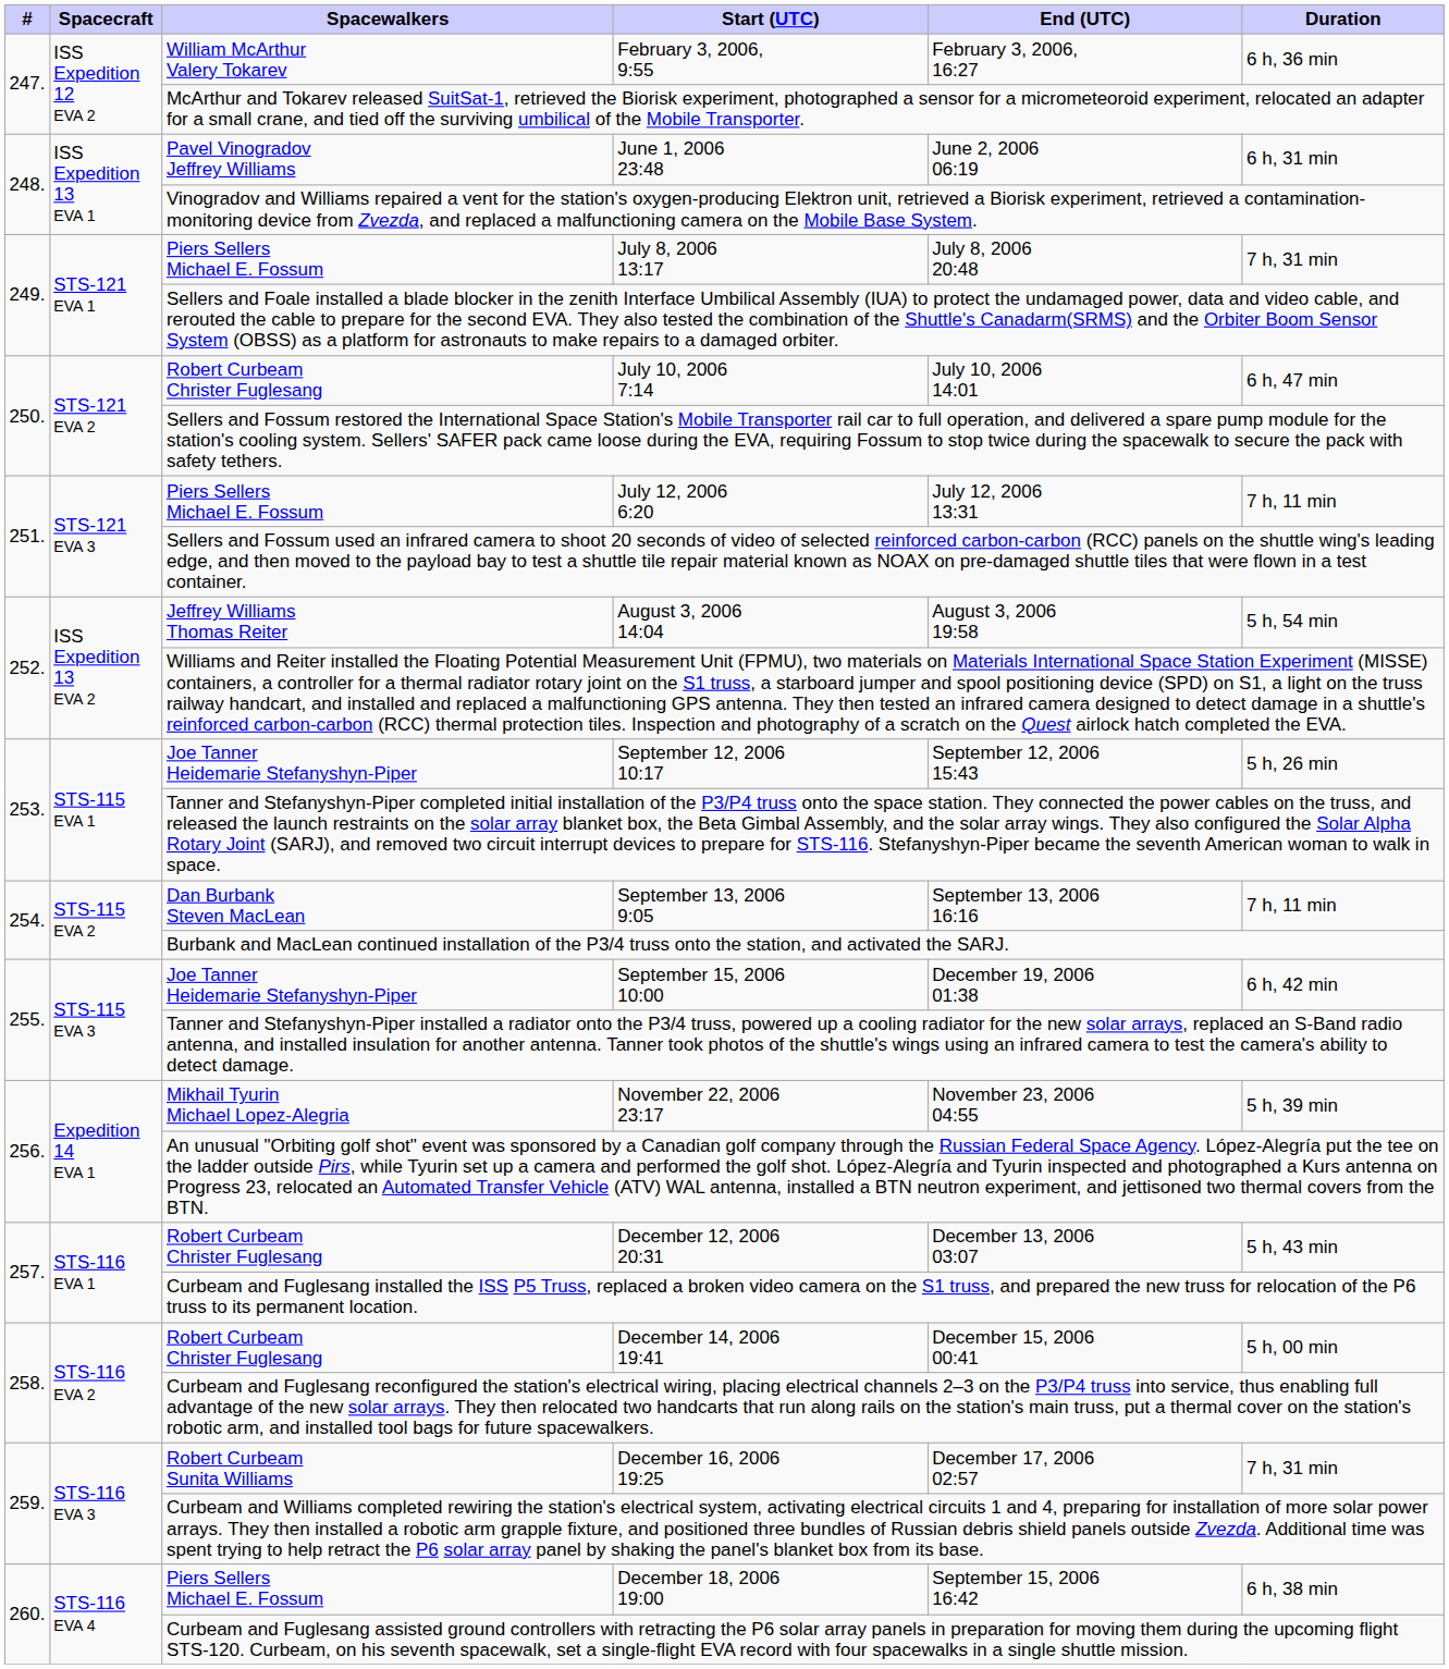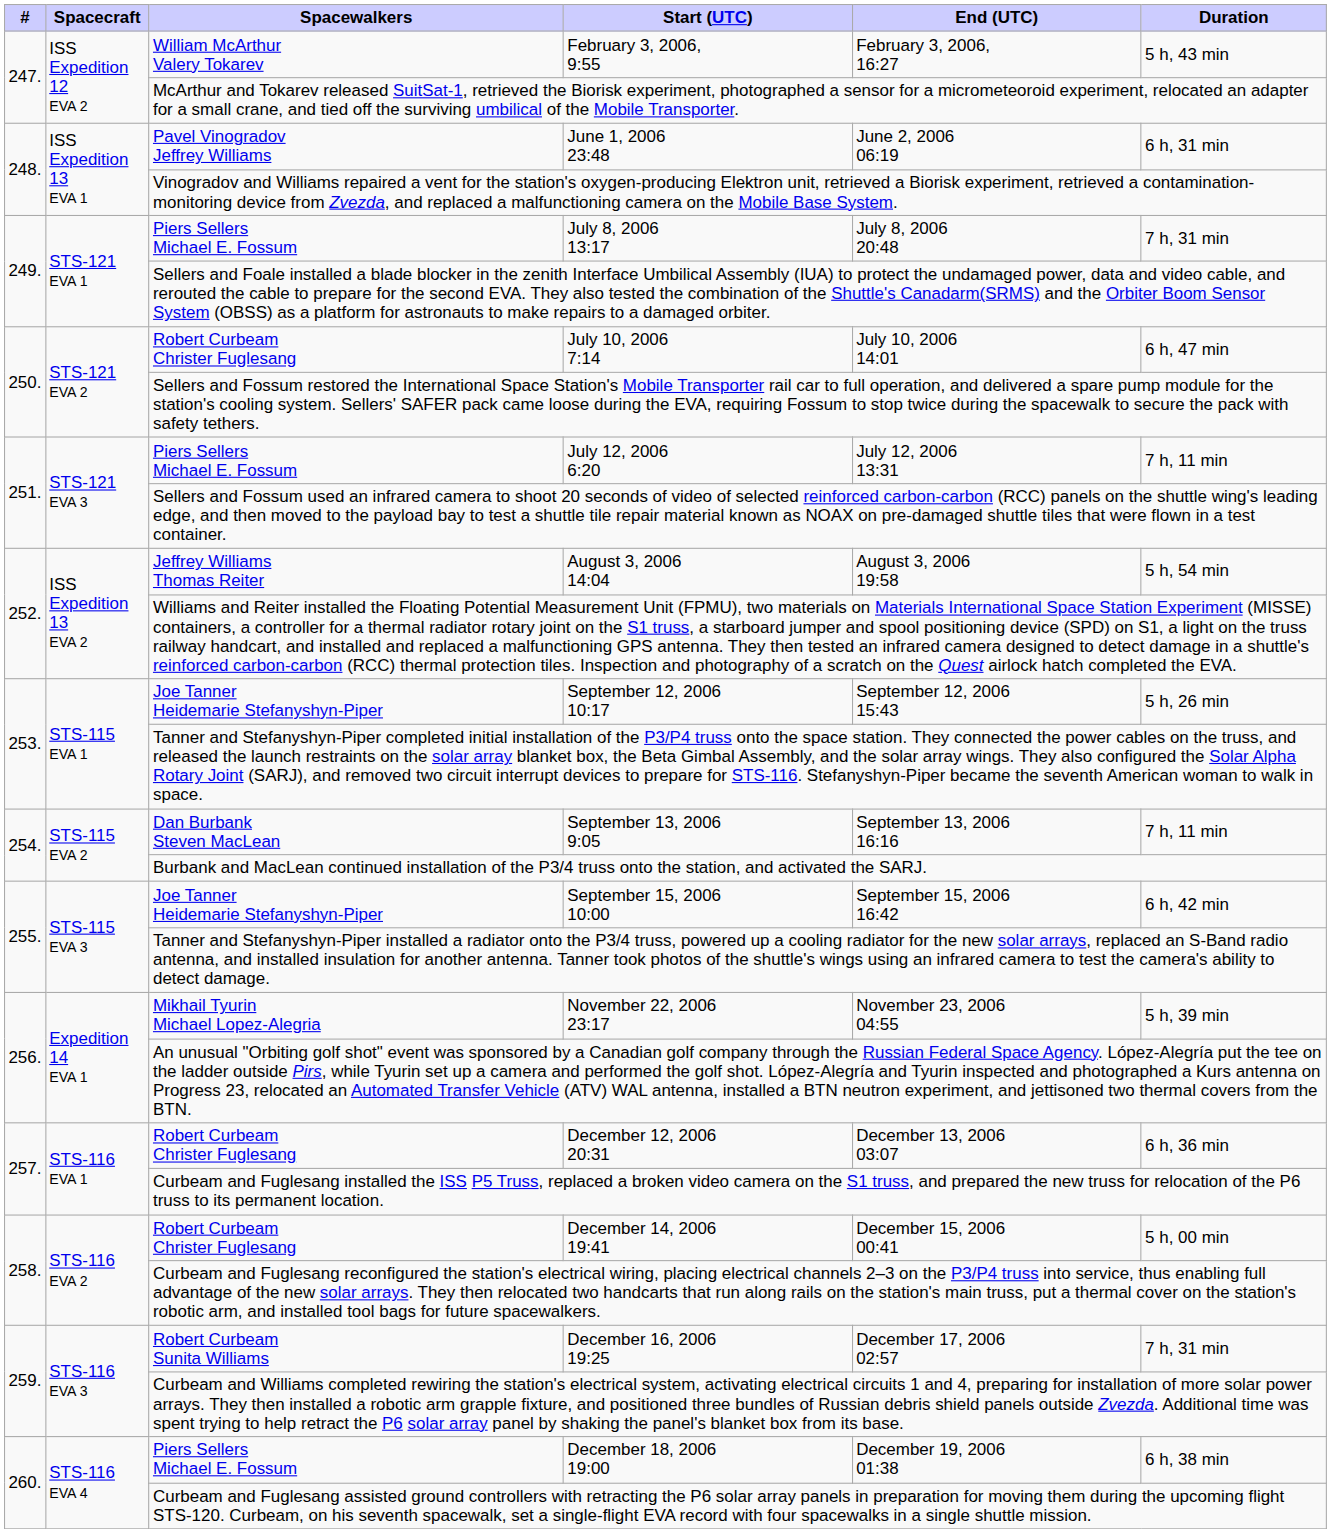 <table class="wikitable sticky-header">
 <tr>
 <th style="background:#ccf;">#</th>
 <th style="background:#ccf;">Spacecraft</th>
 <th style="background:#ccf;">Spacewalkers</th>
 <th style="background:#ccf;">Start (<a href='#'>UTC</a>)</th>
 <th style="background:#ccf;">End (UTC)</th>
 <th style="background:#ccf;">Duration</th>
 </tr>
 <tr>
 <td rowspan=2>247.</td>
 <td rowspan=2>ISS <a href='#'>Expedition 12</a><br><small>EVA 2</small></td>
 <td> <a href='#'>William McArthur</a><br> <a href='#'>Valery Tokarev</a></td>
 <td>February 3, 2006,<br> 9:55</td>
 <td>February 3, 2006,<br> 16:27</td>
-<td>6 h, 36 min</td>
+<td>5 h, 43 min</td>
 </tr>
 <tr>
 <td colspan=4>McArthur and Tokarev released <a href='#'>SuitSat-1</a>, retrieved the Biorisk experiment, photographed a sensor for a micrometeoroid experiment, relocated an adapter for a small crane, and tied off the surviving <a href='#'>umbilical</a> of the <a href='#'>Mobile Transporter</a>.</td>
 </tr>
 <tr>
 <td rowspan=2>248.</td>
 <td rowspan=2>ISS <a href='#'>Expedition 13</a><br><small>EVA 1</small></td>
 <td> <a href='#'>Pavel Vinogradov</a><br>  <a href='#'>Jeffrey Williams</a></td>
 <td>June 1, 2006<br> 23:48</td>
 <td>June 2, 2006<br> 06:19</td>
 <td>6 h, 31 min</td>
 </tr>
 <tr>
 <td colspan=4>Vinogradov and Williams repaired a vent for the station's oxygen-producing Elektron unit, retrieved a Biorisk experiment, retrieved a contamination-monitoring device from <a href='#'><em>Zvezda</em></a>, and replaced a malfunctioning camera on the <a href='#'>Mobile Base System</a>.</td>
 </tr>
 <tr>
 <td rowspan=2>249.</td>
 <td rowspan=2><a href='#'>STS-121</a><br><small>EVA 1</small></td>
 <td> <a href='#'>Piers Sellers</a><br> <a href='#'>Michael E. Fossum</a></td>
 <td>July 8, 2006<br> 13:17</td>
 <td>July 8, 2006<br> 20:48</td>
 <td>7 h, 31 min</td>
 </tr>
 <tr>
 <td colspan=4>Sellers and Foale installed a blade blocker in the zenith Interface Umbilical Assembly (IUA) to protect the undamaged power, data and video cable, and rerouted the cable to prepare for the second EVA. They also tested the combination of the <a href='#'>Shuttle's Canadarm(SRMS)</a> and the <a href='#'>Orbiter Boom Sensor System</a> (OBSS) as a platform for astronauts to make repairs to a damaged orbiter.</td>
 </tr>
 <tr>
 <td rowspan=2>250.</td>
 <td rowspan=2><a href='#'>STS-121</a><br><small>EVA 2</small></td>
 <td> <a href='#'>Robert Curbeam</a><br> <a href='#'>Christer Fuglesang</a></td>
 <td>July 10, 2006<br> 7:14</td>
 <td>July 10, 2006<br> 14:01</td>
 <td>6 h, 47 min</td>
 </tr>
 <tr>
 <td colspan=4>Sellers and Fossum restored the International Space Station's <a href='#'>Mobile Transporter</a> rail car to full operation, and delivered a spare pump module for the station's cooling system. Sellers' SAFER pack came loose during the EVA, requiring Fossum to stop twice during the spacewalk to secure the pack with safety tethers.</td>
 </tr>
 <tr>
 <td rowspan=2>251.</td>
 <td rowspan=2><a href='#'>STS-121</a><br><small>EVA 3</small></td>
 <td> <a href='#'>Piers Sellers</a><br> <a href='#'>Michael E. Fossum</a></td>
 <td>July 12, 2006<br> 6:20</td>
 <td>July 12, 2006<br> 13:31</td>
 <td>7 h, 11 min</td>
 </tr>
 <tr>
 <td colspan=4>Sellers and Fossum used an infrared camera to shoot 20 seconds of video of selected <a href='#'>reinforced carbon-carbon</a> (RCC) panels on the shuttle wing's leading edge, and then moved to the payload bay to test a shuttle tile repair material known as NOAX on pre-damaged shuttle tiles that were flown in a test container.</td>
 </tr>
 <tr>
 <td rowspan=2>252.</td>
 <td rowspan=2>ISS <a href='#'>Expedition 13</a><br><small>EVA 2</small></td>
 <td> <a href='#'>Jeffrey Williams</a><br> <a href='#'>Thomas Reiter</a></td>
 <td>August 3, 2006<br> 14:04</td>
 <td>August 3, 2006<br> 19:58</td>
 <td>5 h, 54 min</td>
 </tr>
 <tr>
 <td colspan=4>Williams and Reiter installed the Floating Potential Measurement Unit (FPMU), two materials on <a href='#'>Materials International Space Station Experiment</a> (MISSE) containers, a controller for a thermal radiator rotary joint on the <a href='#'>S1 truss</a>, a starboard jumper and spool positioning device (SPD) on S1, a light on the truss railway handcart, and installed and replaced a malfunctioning GPS antenna. They then tested an infrared camera designed to detect damage in a shuttle's <a href='#'>reinforced carbon-carbon</a> (RCC) thermal protection tiles. Inspection and photography of a scratch on the <a href='#'><em>Quest</em></a> airlock hatch completed the EVA.</td>
 </tr>
 <tr>
 <td rowspan=2>253.</td>
 <td rowspan=2><a href='#'>STS-115</a><br><small>EVA 1</small></td>
 <td> <a href='#'>Joe Tanner</a><br> <a href='#'>Heidemarie Stefanyshyn-Piper</a></td>
 <td>September 12, 2006<br> 10:17</td>
 <td>September 12, 2006<br> 15:43</td>
 <td>5 h, 26 min</td>
 </tr>
 <tr>
 <td colspan=4>Tanner and Stefanyshyn-Piper completed initial installation of the <a href='#'>P3/P4 truss</a> onto the space station. They connected the power cables on the truss, and released the launch restraints on the <a href='#'>solar array</a> blanket box, the Beta Gimbal Assembly, and the solar array wings. They also configured the <a href='#'>Solar Alpha Rotary Joint</a> (SARJ), and removed two circuit interrupt devices to prepare for <a href='#'>STS-116</a>. Stefanyshyn-Piper became the seventh American woman to walk in space.</td>
 </tr>
 <tr>
 <td rowspan=2>254.</td>
 <td rowspan=2><a href='#'>STS-115</a><br><small>EVA 2</small></td>
 <td> <a href='#'>Dan Burbank</a><br> <a href='#'>Steven MacLean</a></td>
 <td>September 13, 2006<br> 9:05</td>
 <td>September 13, 2006<br> 16:16</td>
 <td>7 h, 11 min</td>
 </tr>
 <tr>
 <td colspan=4>Burbank and MacLean continued installation of the P3/4 truss onto the station, and activated the SARJ.</td>
 </tr>
 <tr>
 <td rowspan=2>255.</td>
 <td rowspan=2><a href='#'>STS-115</a><br><small>EVA 3</small></td>
 <td> <a href='#'>Joe Tanner</a><br> <a href='#'>Heidemarie Stefanyshyn-Piper</a></td>
 <td>September 15, 2006<br> 10:00</td>
-<td>December 19, 2006<br> 01:38</td>
+<td>September 15, 2006<br> 16:42</td>
 <td>6 h, 42 min</td>
 </tr>
 <tr>
 <td colspan=4>Tanner and Stefanyshyn-Piper installed a radiator onto the P3/4 truss, powered up a cooling radiator for the new <a href='#'>solar arrays</a>, replaced an S-Band radio antenna, and installed insulation for another antenna. Tanner took photos of the shuttle's wings using an infrared camera to test the camera's ability to detect damage.</td>
 </tr>
 <tr>
 <td rowspan=2>256.</td>
 <td rowspan=2><a href='#'>Expedition 14</a><br><small>EVA 1</small></td>
 <td> <a href='#'>Mikhail Tyurin</a><br>  <a href='#'>Michael Lopez-Alegria</a></td>
 <td>November 22, 2006<br> 23:17</td>
 <td>November 23, 2006<br> 04:55</td>
 <td>5 h, 39 min</td>
 </tr>
 <tr>
 <td colspan=4>An unusual "Orbiting golf shot" event was sponsored by a Canadian golf company through the <a href='#'>Russian Federal Space Agency</a>. López-Alegría put the tee on the ladder outside <a href='#'><em>Pirs</em></a>, while Tyurin set up a camera and performed the golf shot. López-Alegría and Tyurin inspected and photographed a Kurs antenna on Progress 23, relocated an <a href='#'>Automated Transfer Vehicle</a> (ATV) WAL antenna, installed a BTN neutron experiment, and jettisoned two thermal covers from the BTN.</td>
 </tr>
 <tr>
 <td rowspan=2>257.</td>
 <td rowspan=2><a href='#'>STS-116</a><br><small>EVA 1</small></td>
 <td>  <a href='#'>Robert Curbeam</a><br> <a href='#'>Christer Fuglesang</a></td>
 <td>December 12, 2006<br> 20:31</td>
 <td>December 13, 2006<br> 03:07</td>
-<td>5 h, 43 min</td>
+<td>6 h, 36 min</td>
 </tr>
 <tr>
 <td colspan=4>Curbeam and Fuglesang installed the <a href='#'>ISS</a> <a href='#'>P5 Truss</a>, replaced a broken video camera on the <a href='#'>S1 truss</a>, and prepared the new truss for relocation of the P6 truss to its permanent location.</td>
 </tr>
 <tr>
 <td rowspan=2>258.</td>
 <td rowspan=2><a href='#'>STS-116</a><br><small>EVA 2</small></td>
 <td> <a href='#'>Robert Curbeam</a><br> <a href='#'>Christer Fuglesang</a></td>
 <td>December 14, 2006<br> 19:41</td>
 <td>December 15, 2006<br> 00:41</td>
 <td>5 h, 00 min</td>
 </tr>
 <tr>
 <td colspan=4>Curbeam and Fuglesang reconfigured the station's electrical wiring, placing electrical channels 2–3 on the <a href='#'>P3/P4 truss</a> into service, thus enabling full advantage of the new <a href='#'>solar arrays</a>.  They then relocated two handcarts that run along rails on the station's main truss, put a thermal cover on the station's robotic arm, and installed tool bags for future spacewalkers.</td>
 </tr>
 <tr>
 <td rowspan=2>259.</td>
 <td rowspan=2><a href='#'>STS-116</a><br><small>EVA 3</small></td>
 <td> <a href='#'>Robert Curbeam</a><br>   <a href='#'>Sunita Williams</a></td>
 <td>December 16, 2006<br> 19:25</td>
 <td>December 17, 2006<br> 02:57</td>
 <td>7 h, 31 min</td>
 </tr>
 <tr>
 <td colspan=4>Curbeam and Williams completed rewiring the station's electrical system, activating electrical circuits 1 and 4, preparing for installation of more solar power arrays.  They then installed a robotic arm grapple fixture, and positioned three bundles of Russian debris shield panels outside <a href='#'><em>Zvezda</em></a>. Additional time was spent trying to help retract the <a href='#'>P6</a> <a href='#'>solar array</a> panel by shaking the panel's blanket box from its base.</td>
 </tr>
 <tr>
 <td rowspan=2>260.</td>
 <td rowspan=2><a href='#'>STS-116</a><br><small>EVA 4</small></td>
 <td> <a href='#'>Piers Sellers</a><br> <a href='#'>Michael E. Fossum</a></td>
 <td>December 18, 2006<br> 19:00</td>
-<td>September 15, 2006<br> 16:42</td>
+<td>December 19, 2006<br> 01:38</td>
 <td>6 h, 38 min</td>
 </tr>
 <tr>
 <td colspan=4>Curbeam and Fuglesang assisted ground controllers with retracting the P6 solar array panels in preparation for moving them during the upcoming flight STS-120. Curbeam, on his seventh spacewalk, set a single-flight EVA record with four spacewalks in a single shuttle mission.</td>
 </tr>
 </table>
